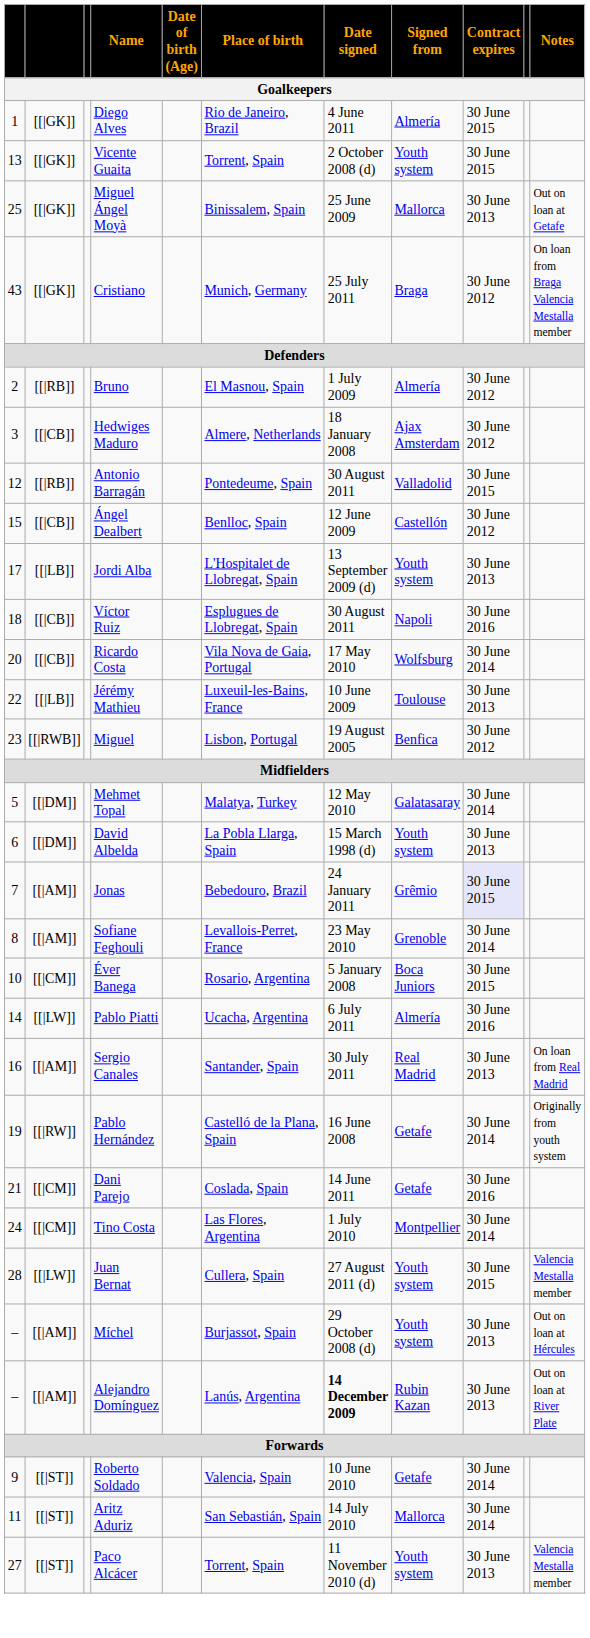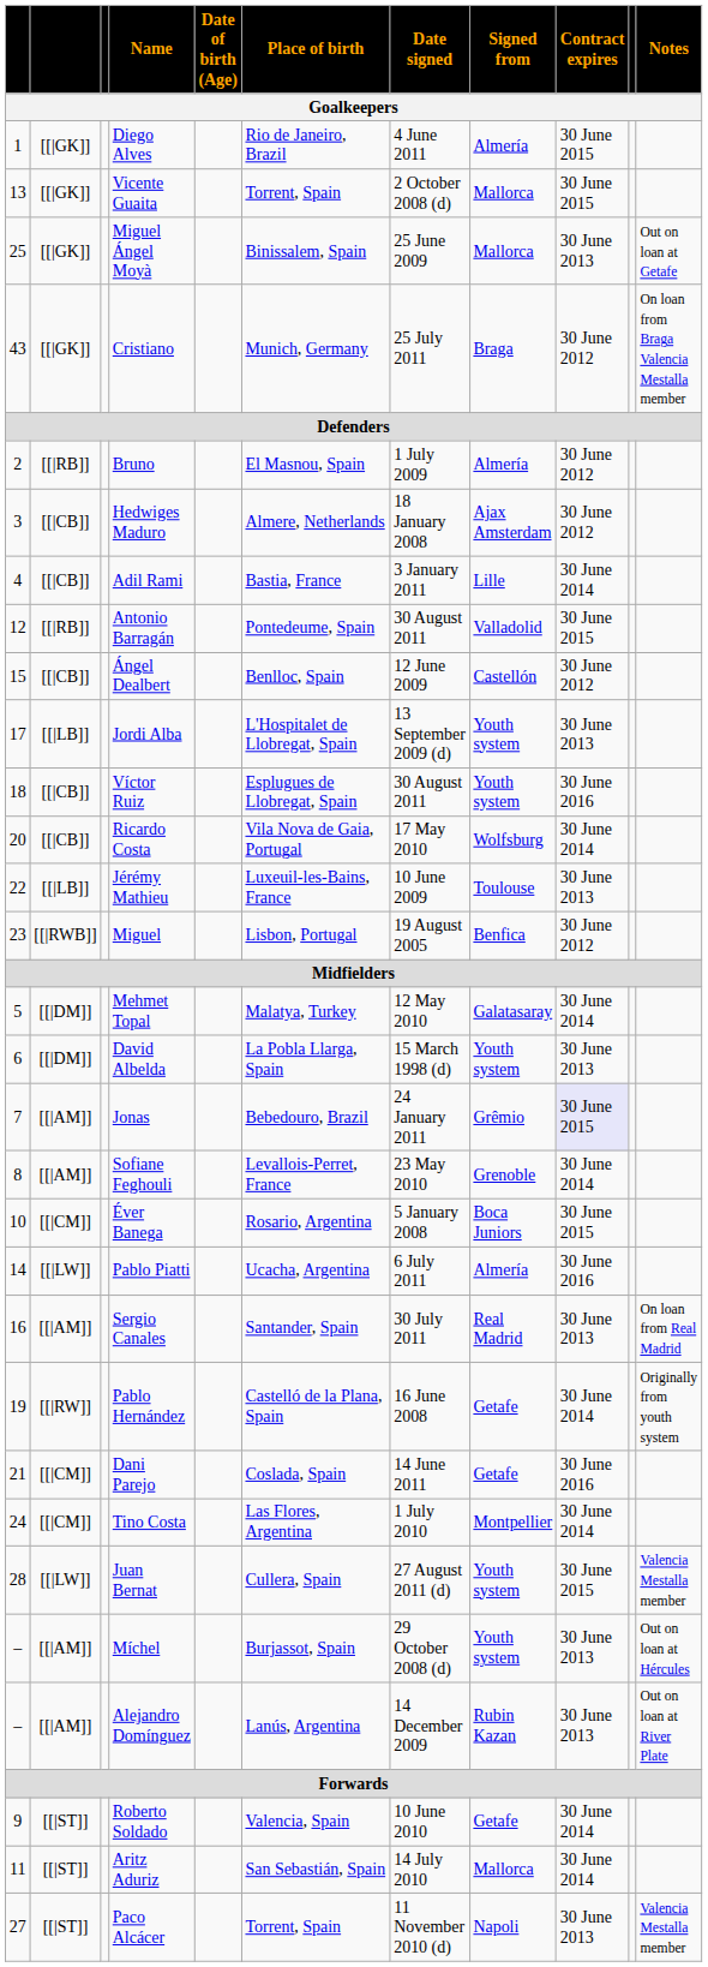 <table class="wikitable"  style="text-align:left; font-size:89%; width:95%;">
 <tr>
 <th style="background:black; color:orange;"></th>
 <th style="background:black; color:orange;"></th>
 <th style="background:black; color:orange;"></th>
 <th style="background:black; color:orange;">Name</th>
 <th style="background:black; color:orange;">Date of birth (Age)</th>
 <th style="background:black; color:orange;" width=200;>Place of birth</th>
 <th style="background:black; color:orange;">Date signed</th>
 <th style="background:black; color:orange;">Signed from</th>
 <th style="background:black; color:orange;">Contract expires</th>
 <th style="background:black; color:orange;"></th>
 <th style="background:black; color:orange;">Notes</th>
 </tr>
 <tr>
 <th colspan="11" style="background:DCDCDC;">Goalkeepers</th>
 </tr>
 <tr>
 <td style="text-align:center;">1</td>
 <td style="text-align:center;">[[|GK]]</td>
 <td style="text-align:center;"></td>
 <td><a href='#'>Diego Alves</a></td>
 <td></td>
 <td> <a href='#'>Rio de Janeiro</a>,  <a href='#'>Brazil</a></td>
 <td>4 June 2011</td>
 <td> <a href='#'>Almería</a></td>
 <td>30 June 2015</td>
 <td></td>
 <td></td>
 </tr>
 <tr>
 <td style="text-align:center;">13</td>
 <td style="text-align:center;">[[|GK]]</td>
 <td style="text-align:center;"></td>
 <td><a href='#'>Vicente Guaita</a></td>
 <td></td>
 <td> <a href='#'>Torrent</a>,  <a href='#'>Spain</a></td>
 <td>2 October 2008 (d)</td>
-<td><a href='#'>Youth system</a></td>
+<td> <a href='#'>Mallorca</a></td>
 <td>30 June 2015</td>
 <td></td>
 <td></td>
 </tr>
 <tr>
 <td style="text-align:center;">25</td>
 <td style="text-align:center;">[[|GK]]</td>
 <td style="text-align:center;"></td>
 <td><a href='#'>Miguel Ángel Moyà</a></td>
 <td></td>
 <td> <a href='#'>Binissalem</a>,  <a href='#'>Spain</a></td>
 <td>25 June 2009</td>
 <td> <a href='#'>Mallorca</a></td>
 <td>30 June 2013</td>
 <td></td>
 <td><small>Out on loan at <a href='#'>Getafe</a></small></td>
 </tr>
 <tr>
 <td style="text-align:center;">43</td>
 <td style="text-align:center;">[[|GK]]</td>
 <td style="text-align:center;"></td>
 <td><a href='#'>Cristiano</a></td>
 <td></td>
 <td> <a href='#'>Munich</a>,  <a href='#'>Germany</a></td>
 <td>25 July 2011</td>
 <td> <a href='#'>Braga</a></td>
 <td>30 June 2012</td>
 <td></td>
 <td><small>On loan from <a href='#'>Braga</a></small><br><small><a href='#'>Valencia Mestalla</a> member</small></td>
 </tr>
 <tr>
 <th colspan="11" style="background:#DCDCDC;">Defenders</th>
 </tr>
 <tr>
 <td style="text-align:center;">2</td>
 <td style="text-align:center;">[[|RB]]</td>
 <td style="text-align:center;"></td>
 <td><a href='#'>Bruno</a></td>
 <td></td>
 <td> <a href='#'>El Masnou</a>,  <a href='#'>Spain</a></td>
 <td>1 July 2009</td>
 <td> <a href='#'>Almería</a></td>
 <td>30 June 2012</td>
 <td></td>
 <td></td>
 </tr>
 <tr>
 <td style="text-align:center;">3</td>
 <td style="text-align:center;">[[|CB]]</td>
 <td style="text-align:center;"></td>
 <td><a href='#'>Hedwiges Maduro</a></td>
 <td></td>
 <td><a href='#'>Almere</a>,  <a href='#'>Netherlands</a></td>
 <td>18 January 2008</td>
 <td> <a href='#'>Ajax Amsterdam</a></td>
 <td>30 June 2012</td>
 <td></td>
 <td></td>
 </tr>
 <tr>
+<td style="text-align:center;">4</td>
+<td style="text-align:center;">[[|CB]]</td>
+<td style="text-align:center;"></td>
+<td><a href='#'>Adil Rami</a></td>
+<td></td>
+<td> <a href='#'>Bastia</a>,  <a href='#'>France</a></td>
+<td>3 January 2011</td>
+<td> <a href='#'>Lille</a></td>
+<td>30 June 2014</td>
+<td></td>
+<td></td>
+</tr>
+<tr>
 <td style="text-align:center;">12</td>
 <td style="text-align:center;">[[|RB]]</td>
 <td style="text-align:center;"></td>
 <td><a href='#'>Antonio Barragán</a></td>
 <td></td>
 <td> <a href='#'>Pontedeume</a>,  <a href='#'>Spain</a></td>
 <td>30 August 2011</td>
 <td> <a href='#'>Valladolid</a></td>
 <td>30 June 2015</td>
 <td></td>
 <td></td>
 </tr>
 <tr>
 <td style="text-align:center;">15</td>
 <td style="text-align:center;">[[|CB]]</td>
 <td style="text-align:center;"></td>
 <td><a href='#'>Ángel Dealbert</a></td>
 <td></td>
 <td> <a href='#'>Benlloc</a>,  <a href='#'>Spain</a></td>
 <td>12 June 2009</td>
 <td> <a href='#'>Castellón</a></td>
 <td>30 June 2012</td>
 <td></td>
 <td></td>
 </tr>
 <tr>
 <td style="text-align:center;">17</td>
 <td style="text-align:center;">[[|LB]]</td>
 <td style="text-align:center;"></td>
 <td><a href='#'>Jordi Alba</a></td>
 <td></td>
 <td> <a href='#'>L'Hospitalet de Llobregat</a>,  <a href='#'>Spain</a></td>
 <td>13 September 2009 (d)</td>
 <td><a href='#'>Youth system</a></td>
 <td>30 June 2013</td>
 <td></td>
 <td></td>
 </tr>
 <tr>
 <td style="text-align:center;">18</td>
 <td style="text-align:center;">[[|CB]]</td>
 <td style="text-align:center;"></td>
 <td><a href='#'>Víctor Ruiz</a></td>
 <td></td>
 <td> <a href='#'>Esplugues de Llobregat</a>,  <a href='#'>Spain</a></td>
 <td>30 August 2011</td>
-<td> <a href='#'>Napoli</a></td>
+<td><a href='#'>Youth system</a></td>
 <td>30 June 2016</td>
 <td></td>
 <td></td>
 </tr>
 <tr>
 <td style="text-align:center;">20</td>
 <td style="text-align:center;">[[|CB]]</td>
 <td style="text-align:center;"></td>
 <td><a href='#'>Ricardo Costa</a></td>
 <td></td>
 <td> <a href='#'>Vila Nova de Gaia</a>,  <a href='#'>Portugal</a></td>
 <td>17 May 2010</td>
 <td> <a href='#'>Wolfsburg</a></td>
 <td>30 June 2014</td>
 <td></td>
 <td></td>
 </tr>
 <tr>
 <td style="text-align:center;">22</td>
 <td style="text-align:center;">[[|LB]]</td>
 <td style="text-align:center;"></td>
 <td><a href='#'>Jérémy Mathieu</a></td>
 <td></td>
 <td> <a href='#'>Luxeuil-les-Bains</a>,  <a href='#'>France</a></td>
 <td>10 June 2009</td>
 <td> <a href='#'>Toulouse</a></td>
 <td>30 June 2013</td>
 <td></td>
 <td></td>
 </tr>
 <tr>
 <td style="text-align:center;">23</td>
 <td style="text-align:center;">[[|RWB]]</td>
 <td style="text-align:center;"></td>
 <td><a href='#'>Miguel</a></td>
 <td></td>
 <td> <a href='#'>Lisbon</a>,  <a href='#'>Portugal</a></td>
 <td>19 August 2005</td>
 <td> <a href='#'>Benfica</a></td>
 <td>30 June 2012</td>
 <td></td>
 <td></td>
 </tr>
 <tr>
 <th colspan="11" style="background:#DCDCDC;">Midfielders</th>
 </tr>
 <tr>
 <td style="text-align:center;">5</td>
 <td style="text-align:center;">[[|DM]]</td>
 <td style="text-align:center;"></td>
 <td><a href='#'>Mehmet Topal</a></td>
 <td></td>
 <td><a href='#'>Malatya</a>,  <a href='#'>Turkey</a></td>
 <td>12 May 2010</td>
 <td> <a href='#'>Galatasaray</a></td>
 <td>30 June 2014</td>
 <td></td>
 <td></td>
 </tr>
 <tr>
 <td style="text-align:center;">6</td>
 <td style="text-align:center;">[[|DM]]</td>
 <td style="text-align:center;"></td>
 <td><a href='#'>David Albelda</a></td>
 <td></td>
 <td><a href='#'>La Pobla Llarga</a>,  <a href='#'>Spain</a></td>
 <td>15 March 1998 (d)</td>
 <td><a href='#'>Youth system</a></td>
 <td>30 June 2013</td>
 <td></td>
 <td></td>
 </tr>
 <tr>
 <td style="text-align:center;">7</td>
 <td style="text-align:center;">[[|AM]]</td>
 <td style="text-align:center;"></td>
 <td><a href='#'>Jonas</a></td>
 <td></td>
 <td> <a href='#'>Bebedouro</a>,  <a href='#'>Brazil</a></td>
 <td>24 January 2011</td>
 <td> <a href='#'>Grêmio</a></td>
 <td style="background: lavender;">30 June 2015</td>
 <td></td>
 <td></td>
 </tr>
 <tr>
 <td style="text-align:center;">8</td>
 <td style="text-align:center;">[[|AM]]</td>
 <td style="text-align:center;"></td>
 <td><a href='#'>Sofiane Feghouli</a></td>
 <td></td>
 <td> <a href='#'>Levallois-Perret</a>,  <a href='#'>France</a></td>
 <td>23 May 2010</td>
 <td> <a href='#'>Grenoble</a></td>
 <td>30 June 2014</td>
 <td></td>
 <td></td>
 </tr>
 <tr>
 <td style="text-align:center;">10</td>
 <td style="text-align:center;">[[|CM]]</td>
 <td style="text-align:center;"></td>
 <td><a href='#'>Éver Banega</a></td>
 <td></td>
 <td> <a href='#'>Rosario</a>,  <a href='#'>Argentina</a></td>
 <td>5 January 2008</td>
 <td> <a href='#'>Boca Juniors</a></td>
 <td>30 June 2015</td>
 <td></td>
 <td></td>
 </tr>
 <tr>
 <td style="text-align:center;">14</td>
 <td style="text-align:center;">[[|LW]]</td>
 <td style="text-align:center;"></td>
 <td><a href='#'>Pablo Piatti</a></td>
 <td></td>
 <td><a href='#'>Ucacha</a>,  <a href='#'>Argentina</a></td>
 <td>6 July 2011</td>
 <td> <a href='#'>Almería</a></td>
 <td>30 June 2016</td>
 <td></td>
 <td></td>
 </tr>
 <tr>
 <td style="text-align:center;">16</td>
 <td style="text-align:center;">[[|AM]]</td>
 <td style="text-align:center;"></td>
 <td><a href='#'>Sergio Canales</a></td>
 <td></td>
 <td> <a href='#'>Santander</a>,  <a href='#'>Spain</a></td>
 <td>30 July 2011</td>
 <td> <a href='#'>Real Madrid</a></td>
 <td>30 June 2013</td>
 <td></td>
 <td><small>On loan from <a href='#'>Real Madrid</a></small></td>
 </tr>
 <tr>
 <td style="text-align:center;">19</td>
 <td style="text-align:center;">[[|RW]]</td>
 <td style="text-align:center;"></td>
 <td><a href='#'>Pablo Hernández</a></td>
 <td></td>
 <td> <a href='#'>Castelló de la Plana</a>,  <a href='#'>Spain</a></td>
 <td>16 June 2008</td>
 <td> <a href='#'>Getafe</a></td>
 <td>30 June 2014</td>
 <td></td>
 <td><small>Originally from youth system</small></td>
 </tr>
 <tr>
 <td style="text-align:center;">21</td>
 <td style="text-align:center;">[[|CM]]</td>
 <td style="text-align:center;"></td>
 <td><a href='#'>Dani Parejo</a></td>
 <td></td>
 <td> <a href='#'>Coslada</a>,  <a href='#'>Spain</a></td>
 <td>14 June 2011</td>
 <td> <a href='#'>Getafe</a></td>
 <td>30 June 2016</td>
 <td></td>
 <td></td>
 </tr>
 <tr>
 <td style="text-align:center;">24</td>
 <td style="text-align:center;">[[|CM]]</td>
 <td style="text-align:center;"></td>
 <td><a href='#'>Tino Costa</a></td>
 <td></td>
 <td><a href='#'>Las Flores</a>,  <a href='#'>Argentina</a></td>
 <td>1 July 2010</td>
 <td> <a href='#'>Montpellier</a></td>
 <td>30 June 2014</td>
 <td></td>
 <td></td>
 </tr>
 <tr>
 <td style="text-align:center;">28</td>
 <td style="text-align:center;">[[|LW]]</td>
 <td style="text-align:center;"></td>
 <td><a href='#'>Juan Bernat</a></td>
 <td></td>
 <td> <a href='#'>Cullera</a>,  <a href='#'>Spain</a></td>
 <td>27 August 2011 (d)</td>
 <td><a href='#'>Youth system</a></td>
 <td>30 June 2015</td>
 <td></td>
 <td><small><a href='#'>Valencia Mestalla</a> member</small></td>
 </tr>
 <tr>
 <td style="text-align:center;">–</td>
 <td style="text-align:center;">[[|AM]]</td>
 <td style="text-align:center;"></td>
 <td><a href='#'>Míchel</a></td>
 <td></td>
 <td> <a href='#'>Burjassot</a>,  <a href='#'>Spain</a></td>
 <td>29 October 2008 (d)</td>
 <td><a href='#'>Youth system</a></td>
 <td>30 June 2013</td>
 <td></td>
 <td><small>Out on loan at <a href='#'>Hércules</a></small></td>
 </tr>
 <tr>
 <td style="text-align:center;">–</td>
 <td style="text-align:center;">[[|AM]]</td>
 <td style="text-align:center;"></td>
 <td><a href='#'>Alejandro Domínguez</a></td>
 <td></td>
 <td><a href='#'>Lanús</a>,  <a href='#'>Argentina</a></td>
-<td><strong>14 December 2009</strong></td>
+<td>14 December 2009</td>
 <td> <a href='#'>Rubin Kazan</a></td>
 <td>30 June 2013</td>
 <td></td>
 <td><small>Out on loan at <a href='#'>River Plate</a></small></td>
 </tr>
 <tr>
 <th colspan="11" style="background:#DCDCDC;">Forwards</th>
 </tr>
 <tr>
 <td style="text-align:center;">9</td>
 <td style="text-align:center;">[[|ST]]</td>
 <td style="text-align:center;"></td>
 <td><a href='#'>Roberto Soldado</a></td>
 <td></td>
 <td> <a href='#'>Valencia</a>,  <a href='#'>Spain</a></td>
 <td>10 June 2010</td>
 <td> <a href='#'>Getafe</a></td>
 <td>30 June 2014</td>
 <td></td>
 <td></td>
 </tr>
 <tr>
 <td style="text-align:center;">11</td>
 <td style="text-align:center;">[[|ST]]</td>
 <td style="text-align:center;"></td>
 <td><a href='#'>Aritz Aduriz</a></td>
 <td></td>
 <td> <a href='#'>San Sebastián</a>,  <a href='#'>Spain</a></td>
 <td>14 July 2010</td>
 <td> <a href='#'>Mallorca</a></td>
 <td>30 June 2014</td>
 <td></td>
 <td></td>
 </tr>
 <tr>
 <td style="text-align:center;">27</td>
 <td style="text-align:center;">[[|ST]]</td>
 <td style="text-align:center;"></td>
 <td><a href='#'>Paco Alcácer</a></td>
 <td></td>
 <td> <a href='#'>Torrent</a>,  <a href='#'>Spain</a></td>
 <td>11 November 2010 (d)</td>
-<td><a href='#'>Youth system</a></td>
+<td> <a href='#'>Napoli</a></td>
 <td>30 June 2013</td>
 <td></td>
 <td><small><a href='#'>Valencia Mestalla</a> member</small></td>
 </tr>
 </table>
